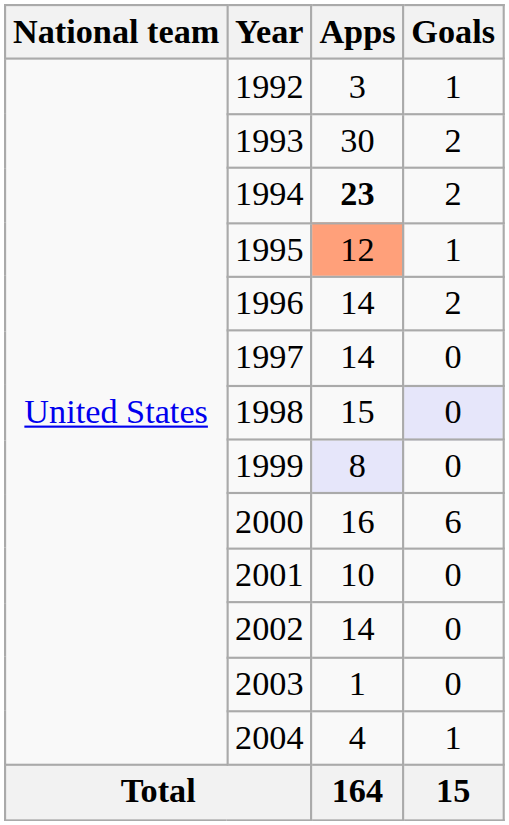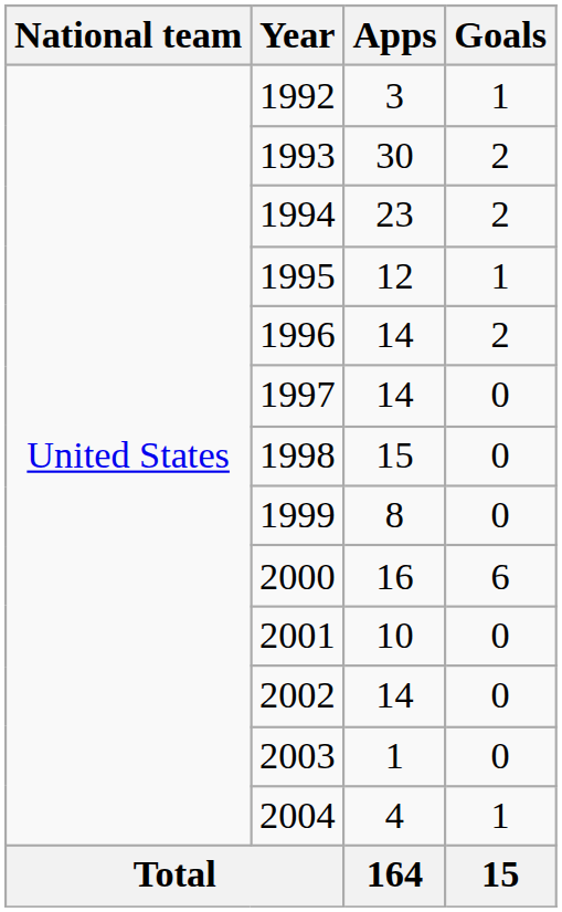 <table class="wikitable" style="text-align:center">
 <tr>
 <th>National team</th>
 <th>Year</th>
 <th>Apps</th>
 <th>Goals</th>
 </tr>
 <tr>
 <td rowspan="13"><a href='#'>United States</a></td>
 <td>1992</td>
 <td>3</td>
 <td>1</td>
 </tr>
 <tr>
 <td>1993</td>
 <td>30</td>
 <td>2</td>
 </tr>
 <tr>
 <td>1994</td>
-<td><strong>23</strong></td>
+<td>23</td>
 <td>2</td>
 </tr>
 <tr>
 <td>1995</td>
-<td style="background: lightsalmon;">12</td>
+<td>12</td>
 <td>1</td>
 </tr>
 <tr>
 <td>1996</td>
 <td>14</td>
 <td>2</td>
 </tr>
 <tr>
 <td>1997</td>
 <td>14</td>
 <td>0</td>
 </tr>
 <tr>
 <td>1998</td>
 <td>15</td>
-<td style="background: lavender;">0</td>
+<td>0</td>
 </tr>
 <tr>
 <td>1999</td>
-<td style="background: lavender;">8</td>
+<td>8</td>
 <td>0</td>
 </tr>
 <tr>
 <td>2000</td>
 <td>16</td>
 <td>6</td>
 </tr>
 <tr>
 <td>2001</td>
 <td>10</td>
 <td>0</td>
 </tr>
 <tr>
 <td>2002</td>
 <td>14</td>
 <td>0</td>
 </tr>
 <tr>
 <td>2003</td>
 <td>1</td>
 <td>0</td>
 </tr>
 <tr>
 <td>2004</td>
 <td>4</td>
 <td>1</td>
 </tr>
 <tr>
 <th colspan="2">Total</th>
 <th>164</th>
 <th>15</th>
 </tr>
 </table>
